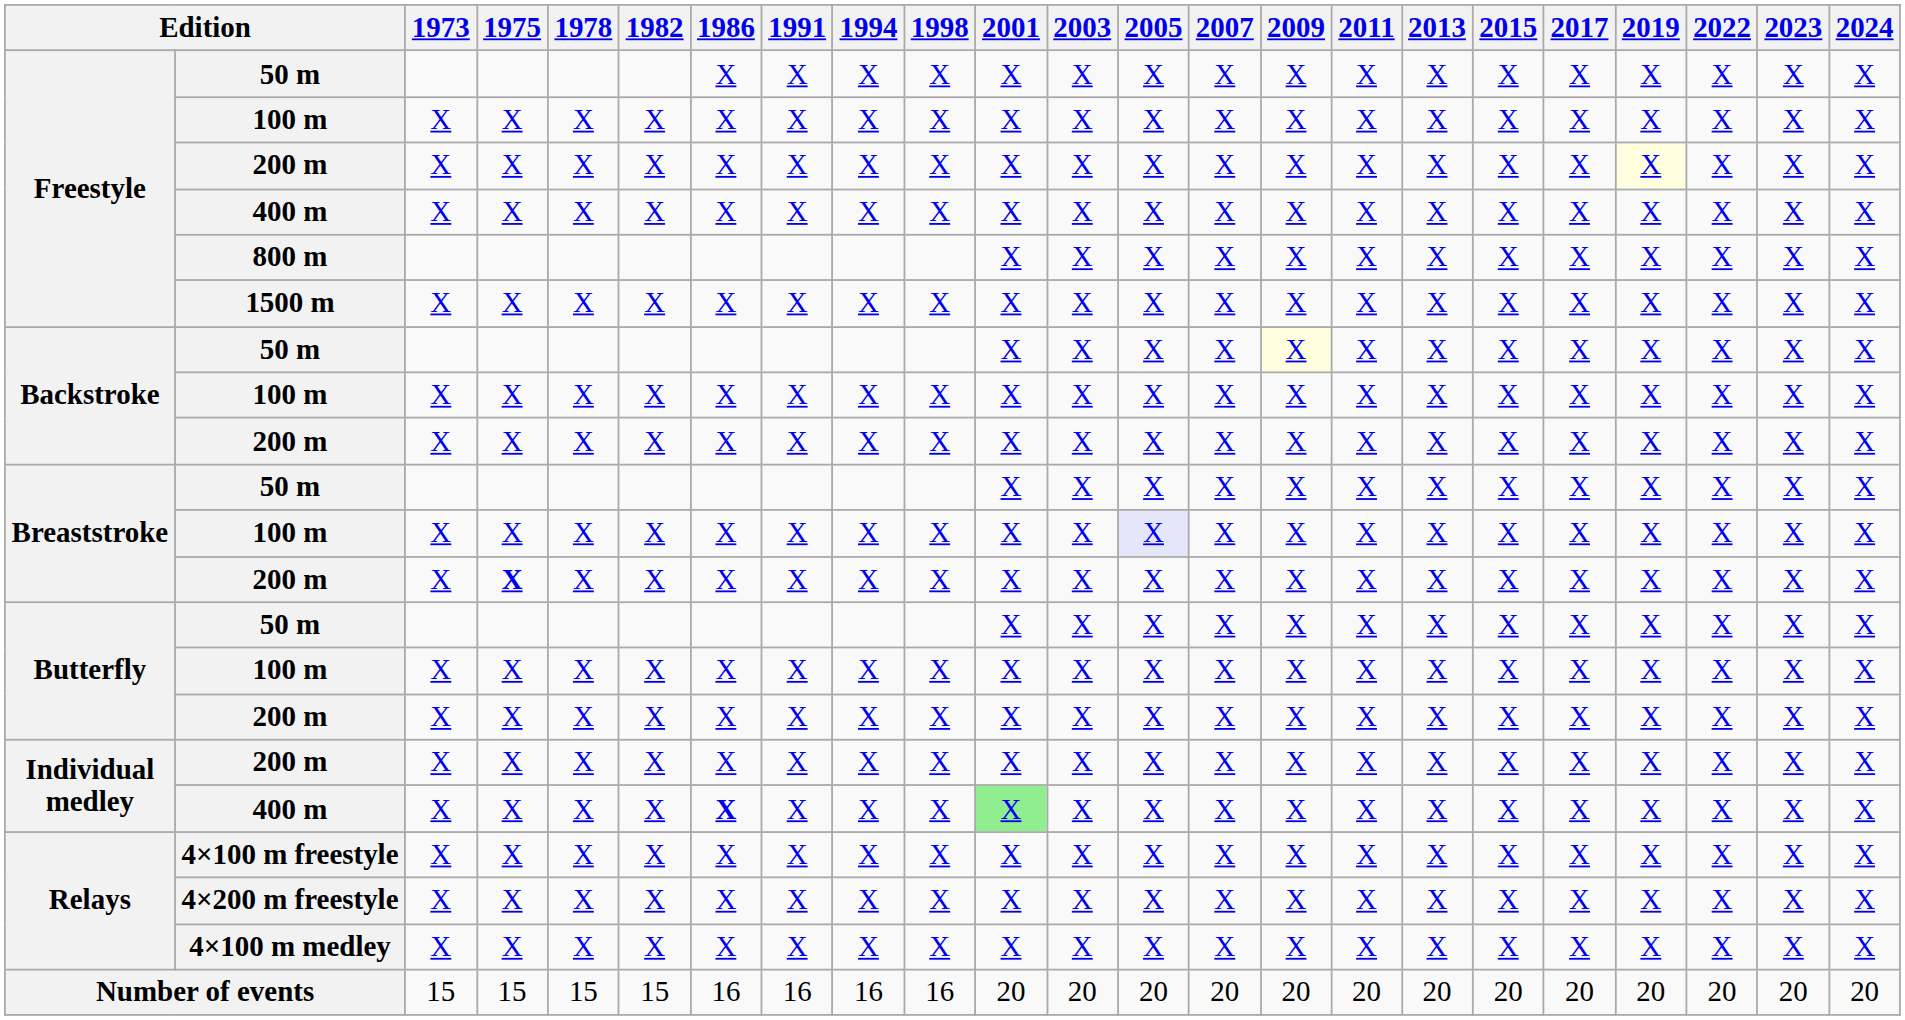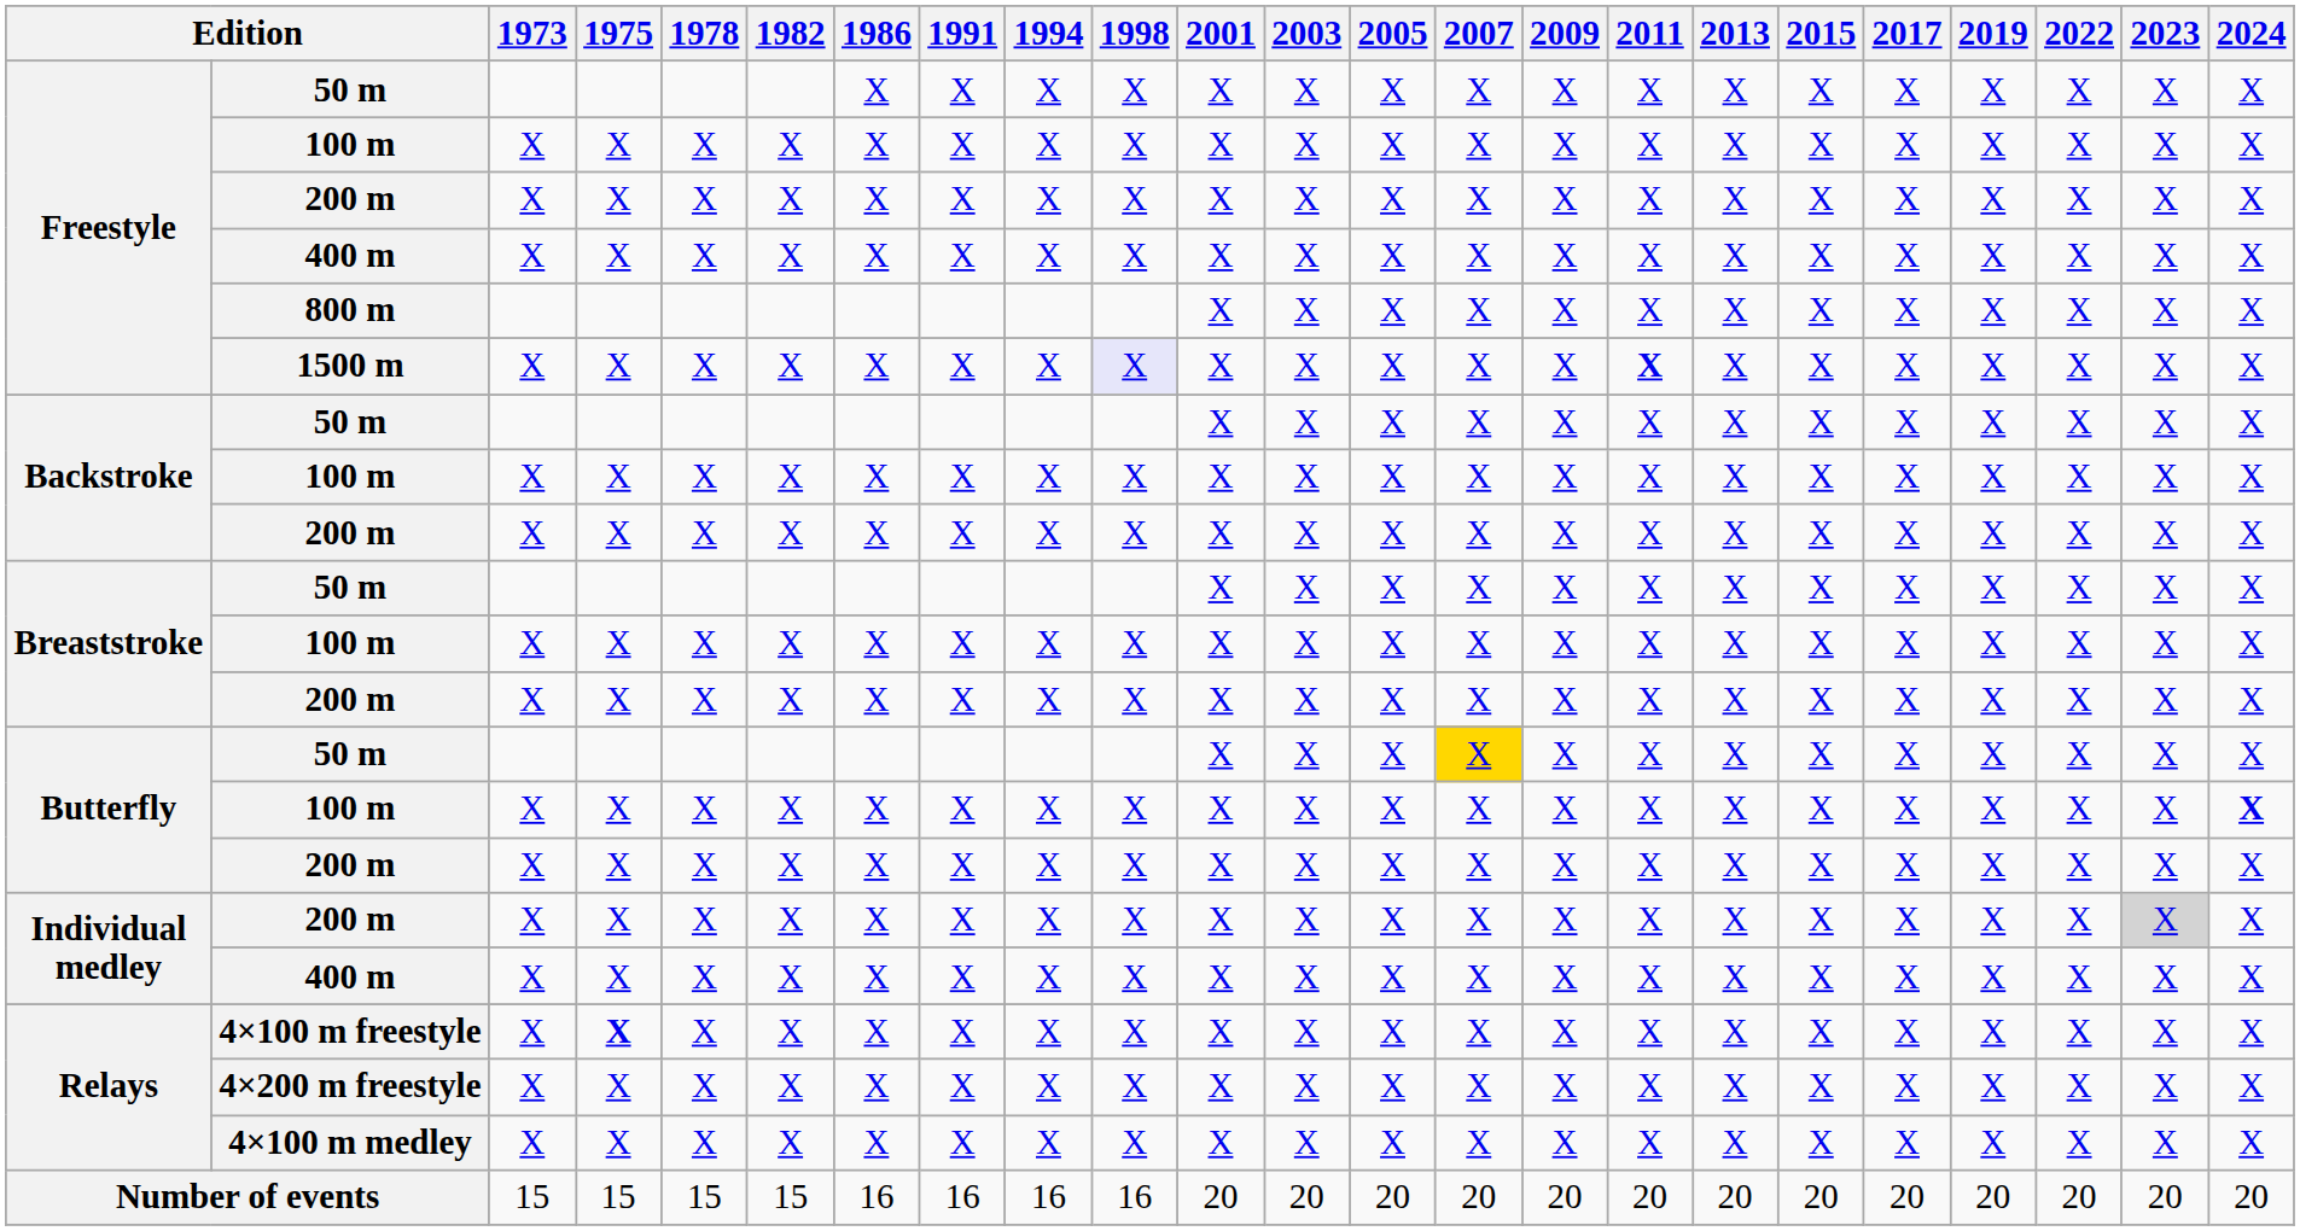 <table class="wikitable" style="text-size:95%; text-align:center">
 <tr>
 <th colspan="2">Edition</th>
 <th><a href='#'>1973</a></th>
 <th><a href='#'>1975</a></th>
 <th><a href='#'>1978</a></th>
 <th><a href='#'>1982</a></th>
 <th><a href='#'>1986</a></th>
 <th><a href='#'>1991</a></th>
 <th><a href='#'>1994</a></th>
 <th><a href='#'>1998</a></th>
 <th><a href='#'>2001</a></th>
 <th><a href='#'>2003</a></th>
 <th><a href='#'>2005</a></th>
 <th><a href='#'>2007</a></th>
 <th><a href='#'>2009</a></th>
 <th><a href='#'>2011</a></th>
 <th><a href='#'>2013</a></th>
 <th><a href='#'>2015</a></th>
 <th><a href='#'>2017</a></th>
 <th><a href='#'>2019</a></th>
 <th><a href='#'>2022</a></th>
 <th><a href='#'>2023</a></th>
 <th><a href='#'>2024</a></th>
 </tr>
 <tr>
 <th rowspan="6">Freestyle</th>
 <th>50 m</th>
 <td></td>
 <td></td>
 <td></td>
 <td></td>
 <td><a href='#'>X</a></td>
 <td><a href='#'>X</a></td>
 <td><a href='#'>X</a></td>
 <td><a href='#'>X</a></td>
 <td><a href='#'>X</a></td>
 <td><a href='#'>X</a></td>
 <td><a href='#'>X</a></td>
 <td><a href='#'>X</a></td>
 <td><a href='#'>X</a></td>
 <td><a href='#'>X</a></td>
 <td><a href='#'>X</a></td>
 <td><a href='#'>X</a></td>
 <td><a href='#'>X</a></td>
 <td><a href='#'>X</a></td>
 <td><a href='#'>X</a></td>
 <td><a href='#'>X</a></td>
 <td><a href='#'>X</a></td>
 </tr>
 <tr>
 <th>100 m</th>
 <td><a href='#'>X</a></td>
 <td><a href='#'>X</a></td>
 <td><a href='#'>X</a></td>
 <td><a href='#'>X</a></td>
 <td><a href='#'>X</a></td>
 <td><a href='#'>X</a></td>
 <td><a href='#'>X</a></td>
 <td><a href='#'>X</a></td>
 <td><a href='#'>X</a></td>
 <td><a href='#'>X</a></td>
 <td><a href='#'>X</a></td>
 <td><a href='#'>X</a></td>
 <td><a href='#'>X</a></td>
 <td><a href='#'>X</a></td>
 <td><a href='#'>X</a></td>
 <td><a href='#'>X</a></td>
 <td><a href='#'>X</a></td>
 <td><a href='#'>X</a></td>
 <td><a href='#'>X</a></td>
 <td><a href='#'>X</a></td>
 <td><a href='#'>X</a></td>
 </tr>
 <tr>
 <th>200 m</th>
 <td><a href='#'>X</a></td>
 <td><a href='#'>X</a></td>
 <td><a href='#'>X</a></td>
 <td><a href='#'>X</a></td>
 <td><a href='#'>X</a></td>
 <td><a href='#'>X</a></td>
 <td><a href='#'>X</a></td>
 <td><a href='#'>X</a></td>
 <td><a href='#'>X</a></td>
 <td><a href='#'>X</a></td>
 <td><a href='#'>X</a></td>
 <td><a href='#'>X</a></td>
 <td><a href='#'>X</a></td>
 <td><a href='#'>X</a></td>
 <td><a href='#'>X</a></td>
 <td><a href='#'>X</a></td>
 <td><a href='#'>X</a></td>
-<td style="background: lightyellow;"><a href='#'>X</a></td>
+<td><a href='#'>X</a></td>
 <td><a href='#'>X</a></td>
 <td><a href='#'>X</a></td>
 <td><a href='#'>X</a></td>
 </tr>
 <tr>
 <th>400 m</th>
 <td><a href='#'>X</a></td>
 <td><a href='#'>X</a></td>
 <td><a href='#'>X</a></td>
 <td><a href='#'>X</a></td>
 <td><a href='#'>X</a></td>
 <td><a href='#'>X</a></td>
 <td><a href='#'>X</a></td>
 <td><a href='#'>X</a></td>
 <td><a href='#'>X</a></td>
 <td><a href='#'>X</a></td>
 <td><a href='#'>X</a></td>
 <td><a href='#'>X</a></td>
 <td><a href='#'>X</a></td>
 <td><a href='#'>X</a></td>
 <td><a href='#'>X</a></td>
 <td><a href='#'>X</a></td>
 <td><a href='#'>X</a></td>
 <td><a href='#'>X</a></td>
 <td><a href='#'>X</a></td>
 <td><a href='#'>X</a></td>
 <td><a href='#'>X</a></td>
 </tr>
 <tr>
 <th>800 m</th>
 <td></td>
 <td></td>
 <td></td>
 <td></td>
 <td></td>
 <td></td>
 <td></td>
 <td></td>
 <td><a href='#'>X</a></td>
 <td><a href='#'>X</a></td>
 <td><a href='#'>X</a></td>
 <td><a href='#'>X</a></td>
 <td><a href='#'>X</a></td>
 <td><a href='#'>X</a></td>
 <td><a href='#'>X</a></td>
 <td><a href='#'>X</a></td>
 <td><a href='#'>X</a></td>
 <td><a href='#'>X</a></td>
 <td><a href='#'>X</a></td>
 <td><a href='#'>X</a></td>
 <td><a href='#'>X</a></td>
 </tr>
 <tr>
 <th>1500 m</th>
 <td><a href='#'>X</a></td>
 <td><a href='#'>X</a></td>
 <td><a href='#'>X</a></td>
 <td><a href='#'>X</a></td>
 <td><a href='#'>X</a></td>
 <td><a href='#'>X</a></td>
 <td><a href='#'>X</a></td>
+<td style="background: lavender;"><a href='#'>X</a></td>
 <td><a href='#'>X</a></td>
 <td><a href='#'>X</a></td>
 <td><a href='#'>X</a></td>
 <td><a href='#'>X</a></td>
 <td><a href='#'>X</a></td>
-<td><a href='#'>X</a></td>
-<td><a href='#'>X</a></td>
+<td><strong><a href='#'>X</a></strong></td>
 <td><a href='#'>X</a></td>
 <td><a href='#'>X</a></td>
 <td><a href='#'>X</a></td>
 <td><a href='#'>X</a></td>
 <td><a href='#'>X</a></td>
 <td><a href='#'>X</a></td>
 <td><a href='#'>X</a></td>
 </tr>
 <tr>
 <th rowspan="3">Backstroke</th>
 <th>50 m</th>
 <td></td>
 <td></td>
 <td></td>
 <td></td>
 <td></td>
 <td></td>
 <td></td>
 <td></td>
 <td><a href='#'>X</a></td>
 <td><a href='#'>X</a></td>
 <td><a href='#'>X</a></td>
 <td><a href='#'>X</a></td>
-<td style="background: lightyellow;"><a href='#'>X</a></td>
+<td><a href='#'>X</a></td>
 <td><a href='#'>X</a></td>
 <td><a href='#'>X</a></td>
 <td><a href='#'>X</a></td>
 <td><a href='#'>X</a></td>
 <td><a href='#'>X</a></td>
 <td><a href='#'>X</a></td>
 <td><a href='#'>X</a></td>
 <td><a href='#'>X</a></td>
 </tr>
 <tr>
 <th>100 m</th>
 <td><a href='#'>X</a></td>
 <td><a href='#'>X</a></td>
 <td><a href='#'>X</a></td>
 <td><a href='#'>X</a></td>
 <td><a href='#'>X</a></td>
 <td><a href='#'>X</a></td>
 <td><a href='#'>X</a></td>
 <td><a href='#'>X</a></td>
 <td><a href='#'>X</a></td>
 <td><a href='#'>X</a></td>
 <td><a href='#'>X</a></td>
 <td><a href='#'>X</a></td>
 <td><a href='#'>X</a></td>
 <td><a href='#'>X</a></td>
 <td><a href='#'>X</a></td>
 <td><a href='#'>X</a></td>
 <td><a href='#'>X</a></td>
 <td><a href='#'>X</a></td>
 <td><a href='#'>X</a></td>
 <td><a href='#'>X</a></td>
 <td><a href='#'>X</a></td>
 </tr>
 <tr>
 <th>200 m</th>
 <td><a href='#'>X</a></td>
 <td><a href='#'>X</a></td>
 <td><a href='#'>X</a></td>
 <td><a href='#'>X</a></td>
 <td><a href='#'>X</a></td>
 <td><a href='#'>X</a></td>
 <td><a href='#'>X</a></td>
 <td><a href='#'>X</a></td>
 <td><a href='#'>X</a></td>
 <td><a href='#'>X</a></td>
 <td><a href='#'>X</a></td>
 <td><a href='#'>X</a></td>
 <td><a href='#'>X</a></td>
 <td><a href='#'>X</a></td>
 <td><a href='#'>X</a></td>
 <td><a href='#'>X</a></td>
 <td><a href='#'>X</a></td>
 <td><a href='#'>X</a></td>
 <td><a href='#'>X</a></td>
 <td><a href='#'>X</a></td>
 <td><a href='#'>X</a></td>
 </tr>
 <tr>
 <th rowspan="3">Breaststroke</th>
 <th>50 m</th>
 <td></td>
 <td></td>
 <td></td>
 <td></td>
 <td></td>
 <td></td>
 <td></td>
 <td></td>
 <td><a href='#'>X</a></td>
 <td><a href='#'>X</a></td>
 <td><a href='#'>X</a></td>
 <td><a href='#'>X</a></td>
 <td><a href='#'>X</a></td>
 <td><a href='#'>X</a></td>
 <td><a href='#'>X</a></td>
 <td><a href='#'>X</a></td>
 <td><a href='#'>X</a></td>
 <td><a href='#'>X</a></td>
 <td><a href='#'>X</a></td>
 <td><a href='#'>X</a></td>
 <td><a href='#'>X</a></td>
 </tr>
 <tr>
 <th>100 m</th>
 <td><a href='#'>X</a></td>
 <td><a href='#'>X</a></td>
 <td><a href='#'>X</a></td>
 <td><a href='#'>X</a></td>
 <td><a href='#'>X</a></td>
 <td><a href='#'>X</a></td>
 <td><a href='#'>X</a></td>
 <td><a href='#'>X</a></td>
 <td><a href='#'>X</a></td>
 <td><a href='#'>X</a></td>
-<td style="background: lavender;"><a href='#'>X</a></td>
+<td><a href='#'>X</a></td>
 <td><a href='#'>X</a></td>
 <td><a href='#'>X</a></td>
 <td><a href='#'>X</a></td>
 <td><a href='#'>X</a></td>
 <td><a href='#'>X</a></td>
 <td><a href='#'>X</a></td>
 <td><a href='#'>X</a></td>
 <td><a href='#'>X</a></td>
 <td><a href='#'>X</a></td>
 <td><a href='#'>X</a></td>
 </tr>
 <tr>
 <th>200 m</th>
 <td><a href='#'>X</a></td>
-<td><strong><a href='#'>X</a></strong></td>
+<td><a href='#'>X</a></td>
 <td><a href='#'>X</a></td>
 <td><a href='#'>X</a></td>
 <td><a href='#'>X</a></td>
 <td><a href='#'>X</a></td>
 <td><a href='#'>X</a></td>
 <td><a href='#'>X</a></td>
 <td><a href='#'>X</a></td>
 <td><a href='#'>X</a></td>
 <td><a href='#'>X</a></td>
 <td><a href='#'>X</a></td>
 <td><a href='#'>X</a></td>
 <td><a href='#'>X</a></td>
 <td><a href='#'>X</a></td>
 <td><a href='#'>X</a></td>
 <td><a href='#'>X</a></td>
 <td><a href='#'>X</a></td>
 <td><a href='#'>X</a></td>
 <td><a href='#'>X</a></td>
 <td><a href='#'>X</a></td>
 </tr>
 <tr>
 <th rowspan="3">Butterfly</th>
 <th>50 m</th>
 <td></td>
 <td></td>
 <td></td>
 <td></td>
 <td></td>
 <td></td>
 <td></td>
 <td></td>
 <td><a href='#'>X</a></td>
 <td><a href='#'>X</a></td>
 <td><a href='#'>X</a></td>
-<td><a href='#'>X</a></td>
+<td style="background: gold;"><a href='#'>X</a></td>
 <td><a href='#'>X</a></td>
 <td><a href='#'>X</a></td>
 <td><a href='#'>X</a></td>
 <td><a href='#'>X</a></td>
 <td><a href='#'>X</a></td>
 <td><a href='#'>X</a></td>
 <td><a href='#'>X</a></td>
 <td><a href='#'>X</a></td>
 <td><a href='#'>X</a></td>
 </tr>
 <tr>
 <th>100 m</th>
 <td><a href='#'>X</a></td>
 <td><a href='#'>X</a></td>
 <td><a href='#'>X</a></td>
 <td><a href='#'>X</a></td>
 <td><a href='#'>X</a></td>
 <td><a href='#'>X</a></td>
 <td><a href='#'>X</a></td>
 <td><a href='#'>X</a></td>
 <td><a href='#'>X</a></td>
 <td><a href='#'>X</a></td>
 <td><a href='#'>X</a></td>
 <td><a href='#'>X</a></td>
 <td><a href='#'>X</a></td>
 <td><a href='#'>X</a></td>
 <td><a href='#'>X</a></td>
 <td><a href='#'>X</a></td>
 <td><a href='#'>X</a></td>
 <td><a href='#'>X</a></td>
 <td><a href='#'>X</a></td>
 <td><a href='#'>X</a></td>
-<td><a href='#'>X</a></td>
+<td><strong><a href='#'>X</a></strong></td>
 </tr>
 <tr>
 <th>200 m</th>
 <td><a href='#'>X</a></td>
 <td><a href='#'>X</a></td>
 <td><a href='#'>X</a></td>
 <td><a href='#'>X</a></td>
 <td><a href='#'>X</a></td>
 <td><a href='#'>X</a></td>
 <td><a href='#'>X</a></td>
 <td><a href='#'>X</a></td>
 <td><a href='#'>X</a></td>
 <td><a href='#'>X</a></td>
 <td><a href='#'>X</a></td>
 <td><a href='#'>X</a></td>
 <td><a href='#'>X</a></td>
 <td><a href='#'>X</a></td>
 <td><a href='#'>X</a></td>
 <td><a href='#'>X</a></td>
 <td><a href='#'>X</a></td>
 <td><a href='#'>X</a></td>
 <td><a href='#'>X</a></td>
 <td><a href='#'>X</a></td>
 <td><a href='#'>X</a></td>
 </tr>
 <tr>
 <th rowspan="2">Individual<br>medley</th>
 <th>200 m</th>
 <td><a href='#'>X</a></td>
 <td><a href='#'>X</a></td>
 <td><a href='#'>X</a></td>
 <td><a href='#'>X</a></td>
 <td><a href='#'>X</a></td>
 <td><a href='#'>X</a></td>
 <td><a href='#'>X</a></td>
 <td><a href='#'>X</a></td>
 <td><a href='#'>X</a></td>
 <td><a href='#'>X</a></td>
 <td><a href='#'>X</a></td>
 <td><a href='#'>X</a></td>
 <td><a href='#'>X</a></td>
 <td><a href='#'>X</a></td>
 <td><a href='#'>X</a></td>
 <td><a href='#'>X</a></td>
 <td><a href='#'>X</a></td>
 <td><a href='#'>X</a></td>
 <td><a href='#'>X</a></td>
-<td><a href='#'>X</a></td>
+<td style="background: lightgrey;"><a href='#'>X</a></td>
 <td><a href='#'>X</a></td>
 </tr>
 <tr>
 <th>400 m</th>
 <td><a href='#'>X</a></td>
 <td><a href='#'>X</a></td>
 <td><a href='#'>X</a></td>
 <td><a href='#'>X</a></td>
-<td><strong><a href='#'>X</a></strong></td>
 <td><a href='#'>X</a></td>
 <td><a href='#'>X</a></td>
 <td><a href='#'>X</a></td>
-<td style="background: lightgreen;"><a href='#'>X</a></td>
+<td><a href='#'>X</a></td>
+<td><a href='#'>X</a></td>
 <td><a href='#'>X</a></td>
 <td><a href='#'>X</a></td>
 <td><a href='#'>X</a></td>
 <td><a href='#'>X</a></td>
 <td><a href='#'>X</a></td>
 <td><a href='#'>X</a></td>
 <td><a href='#'>X</a></td>
 <td><a href='#'>X</a></td>
 <td><a href='#'>X</a></td>
 <td><a href='#'>X</a></td>
 <td><a href='#'>X</a></td>
 <td><a href='#'>X</a></td>
 </tr>
 <tr>
 <th rowspan="3">Relays</th>
 <th>4×100 m freestyle</th>
 <td><a href='#'>X</a></td>
-<td><a href='#'>X</a></td>
+<td><strong><a href='#'>X</a></strong></td>
 <td><a href='#'>X</a></td>
 <td><a href='#'>X</a></td>
 <td><a href='#'>X</a></td>
 <td><a href='#'>X</a></td>
 <td><a href='#'>X</a></td>
 <td><a href='#'>X</a></td>
 <td><a href='#'>X</a></td>
 <td><a href='#'>X</a></td>
 <td><a href='#'>X</a></td>
 <td><a href='#'>X</a></td>
 <td><a href='#'>X</a></td>
 <td><a href='#'>X</a></td>
 <td><a href='#'>X</a></td>
 <td><a href='#'>X</a></td>
 <td><a href='#'>X</a></td>
 <td><a href='#'>X</a></td>
 <td><a href='#'>X</a></td>
 <td><a href='#'>X</a></td>
 <td><a href='#'>X</a></td>
 </tr>
 <tr>
 <th>4×200 m freestyle</th>
 <td><a href='#'>X</a></td>
 <td><a href='#'>X</a></td>
 <td><a href='#'>X</a></td>
 <td><a href='#'>X</a></td>
 <td><a href='#'>X</a></td>
 <td><a href='#'>X</a></td>
 <td><a href='#'>X</a></td>
 <td><a href='#'>X</a></td>
 <td><a href='#'>X</a></td>
 <td><a href='#'>X</a></td>
 <td><a href='#'>X</a></td>
 <td><a href='#'>X</a></td>
 <td><a href='#'>X</a></td>
 <td><a href='#'>X</a></td>
 <td><a href='#'>X</a></td>
 <td><a href='#'>X</a></td>
 <td><a href='#'>X</a></td>
 <td><a href='#'>X</a></td>
 <td><a href='#'>X</a></td>
 <td><a href='#'>X</a></td>
 <td><a href='#'>X</a></td>
 </tr>
 <tr>
 <th>4×100 m medley</th>
 <td><a href='#'>X</a></td>
 <td><a href='#'>X</a></td>
 <td><a href='#'>X</a></td>
 <td><a href='#'>X</a></td>
 <td><a href='#'>X</a></td>
 <td><a href='#'>X</a></td>
 <td><a href='#'>X</a></td>
 <td><a href='#'>X</a></td>
 <td><a href='#'>X</a></td>
 <td><a href='#'>X</a></td>
 <td><a href='#'>X</a></td>
 <td><a href='#'>X</a></td>
 <td><a href='#'>X</a></td>
 <td><a href='#'>X</a></td>
 <td><a href='#'>X</a></td>
 <td><a href='#'>X</a></td>
 <td><a href='#'>X</a></td>
 <td><a href='#'>X</a></td>
 <td><a href='#'>X</a></td>
 <td><a href='#'>X</a></td>
 <td><a href='#'>X</a></td>
 </tr>
 <tr>
 <th colspan="2">Number of events</th>
 <td>15</td>
 <td>15</td>
 <td>15</td>
 <td>15</td>
 <td>16</td>
 <td>16</td>
 <td>16</td>
 <td>16</td>
 <td>20</td>
 <td>20</td>
 <td>20</td>
 <td>20</td>
 <td>20</td>
 <td>20</td>
 <td>20</td>
 <td>20</td>
 <td>20</td>
 <td>20</td>
 <td>20</td>
 <td>20</td>
 <td>20</td>
 </tr>
 </table>
